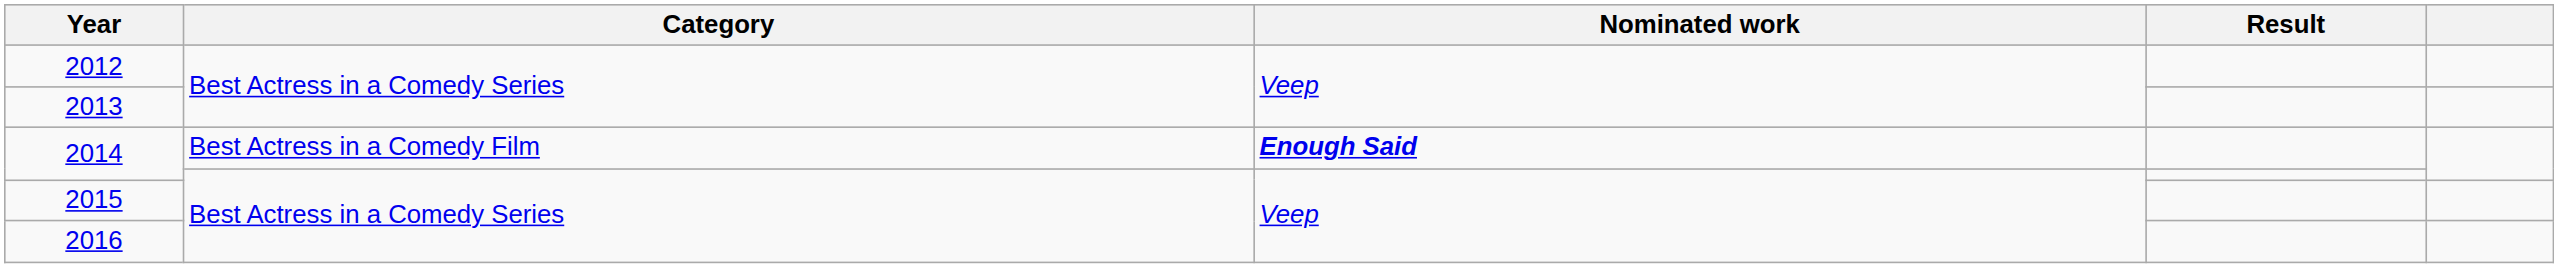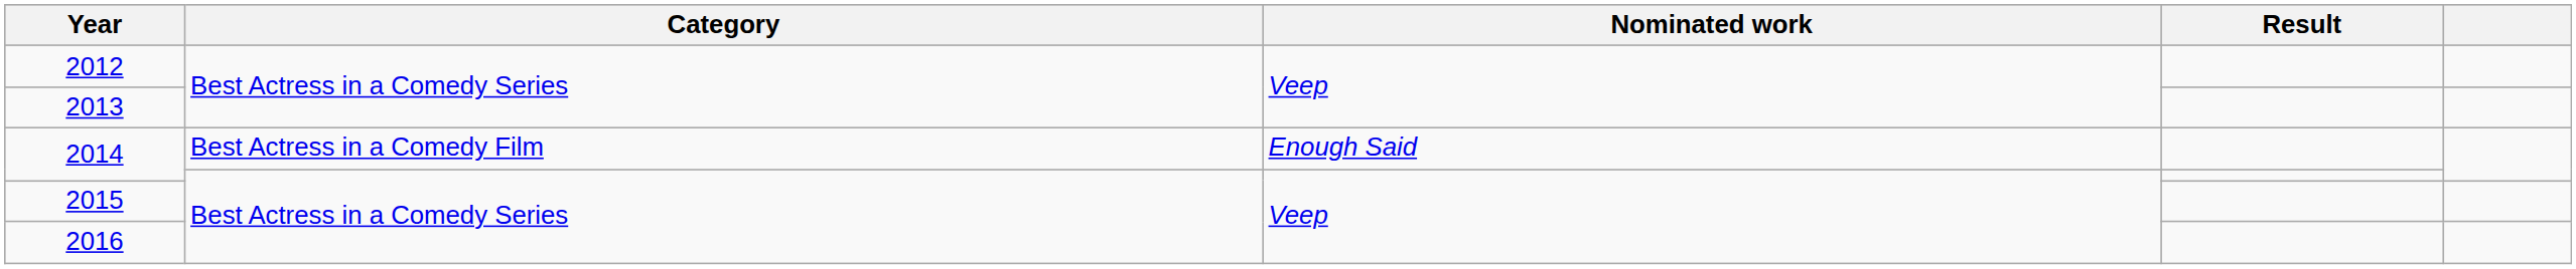 <table width="100%" class="wikitable">
 <tr>
 <th width="7%">Year</th>
 <th width="42%">Category</th>
 <th width="35%">Nominated work</th>
 <th width="11%">Result</th>
 <th width="5%"></th>
 </tr>
 <tr>
 <td align="center"><a href='#'>2012</a></td>
 <td rowspan="2"><a href='#'>Best Actress in a Comedy Series</a></td>
 <td rowspan="2"><em><a href='#'>Veep</a></em></td>
 <td></td>
 <td align="center"></td>
 </tr>
 <tr>
 <td align="center"><a href='#'>2013</a></td>
 <td></td>
 <td align="center"></td>
 </tr>
 <tr>
 <td rowspan="2" align="center"><a href='#'>2014</a></td>
 <td><a href='#'>Best Actress in a Comedy Film</a></td>
-<td><strong><em><a href='#'>Enough Said</a></em></strong></td>
+<td><em><a href='#'>Enough Said</a></em></td>
 <td></td>
 <td rowspan="2" align="center"></td>
 </tr>
 <tr>
 <td rowspan="3"><a href='#'>Best Actress in a Comedy Series</a></td>
 <td rowspan="3"><em><a href='#'>Veep</a></em></td>
 <td></td>
 </tr>
 <tr>
 <td align="center"><a href='#'>2015</a></td>
 <td></td>
 <td align="center"></td>
 </tr>
 <tr>
 <td align="center"><a href='#'>2016</a></td>
 <td></td>
 <td align="center"></td>
 </tr>
 </table>
